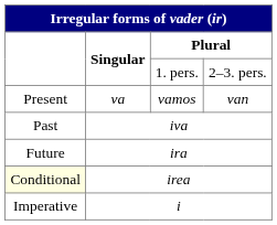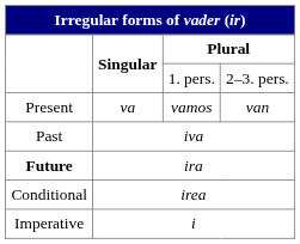 <table border="1" cellpadding="5" cellspacing="0" align="right" style="border-collapse:collapse;text-align:center">
 <tr>
 <td colspan=7 style="background: navy; color: white"><strong>Irregular forms of <em>vader</em> (<em>ir</em>)</strong></td>
 </tr>
 <tr>
 <td rowspan=2></td>
 <td colspan=3 rowspan=2><strong>Singular</strong></td>
 <td colspan=3><strong>Plural</strong></td>
 </tr>
 <tr>
 <td>1. pers.</td>
 <td colspan=2>2–3. pers.</td>
 </tr>
 <tr>
 <td>Present</td>
 <td colspan=3><em>va</em></td>
 <td><em>vamos</em></td>
 <td colspan=2><em>van</em></td>
 </tr>
 <tr>
 <td>Past</td>
 <td colspan=6><em>iva</em></td>
 </tr>
 <tr>
-<td>Future</td>
+<td><strong>Future</strong></td>
 <td colspan=6><em>ira</em></td>
 </tr>
 <tr>
-<td style="background: lightyellow;">Conditional</td>
+<td>Conditional</td>
 <td colspan=6><em>irea</em></td>
 </tr>
 <tr>
 <td>Imperative</td>
 <td colspan=6><em>i</em></td>
 </tr>
 </table>
